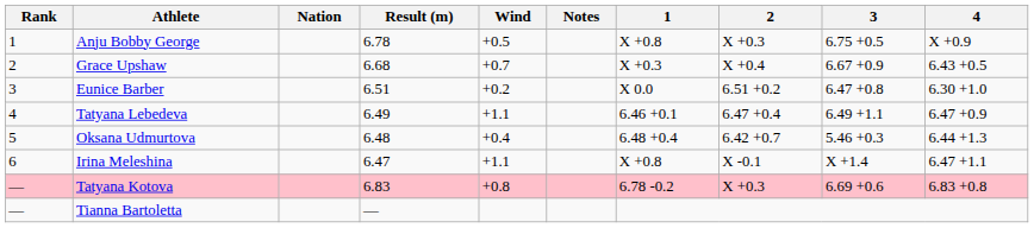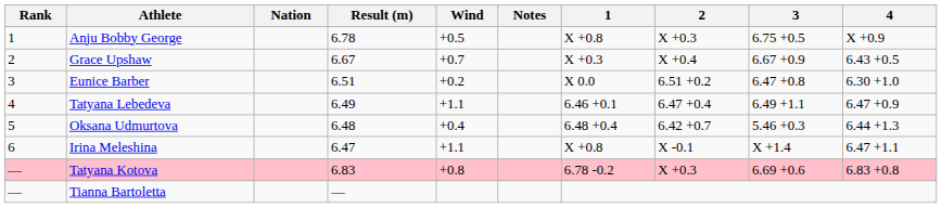 <table class="wikitable" style="text=align:center;" width=85%>
 <tr>
 <th>Rank</th>
 <th>Athlete</th>
 <th>Nation</th>
 <th>Result (m)</th>
 <th>Wind</th>
 <th>Notes</th>
 <th>1</th>
 <th>2</th>
 <th>3</th>
 <th>4</th>
 </tr>
 <tr>
 <td>1</td>
 <td><a href='#'>Anju Bobby George</a></td>
 <td></td>
 <td>6.78</td>
 <td>+0.5</td>
 <td></td>
 <td>X +0.8</td>
 <td>X +0.3</td>
 <td>6.75 +0.5</td>
 <td>X +0.9</td>
 </tr>
 <tr>
 <td>2</td>
 <td><a href='#'>Grace Upshaw</a></td>
 <td></td>
-<td>6.68</td>
+<td>6.67</td>
 <td>+0.7</td>
 <td></td>
 <td>X +0.3</td>
 <td>X +0.4</td>
 <td>6.67 +0.9</td>
 <td>6.43 +0.5</td>
 </tr>
 <tr>
 <td>3</td>
 <td><a href='#'>Eunice Barber</a></td>
 <td></td>
 <td>6.51</td>
 <td>+0.2</td>
 <td></td>
 <td>X 0.0</td>
 <td>6.51 +0.2</td>
 <td>6.47 +0.8</td>
 <td>6.30 +1.0</td>
 </tr>
 <tr>
 <td>4</td>
 <td><a href='#'>Tatyana Lebedeva</a></td>
 <td></td>
 <td>6.49</td>
 <td>+1.1</td>
 <td></td>
 <td>6.46 +0.1</td>
 <td>6.47 +0.4</td>
 <td>6.49 +1.1</td>
 <td>6.47 +0.9</td>
 </tr>
 <tr>
 <td>5</td>
 <td><a href='#'>Oksana Udmurtova</a></td>
 <td></td>
 <td>6.48</td>
 <td>+0.4</td>
 <td></td>
 <td>6.48 +0.4</td>
 <td>6.42 +0.7</td>
 <td>5.46 +0.3</td>
 <td>6.44 +1.3</td>
 </tr>
 <tr>
 <td>6</td>
 <td><a href='#'>Irina Meleshina</a></td>
 <td></td>
 <td>6.47</td>
 <td>+1.1</td>
 <td></td>
 <td>X +0.8</td>
 <td>X -0.1</td>
 <td>X +1.4</td>
 <td>6.47 +1.1</td>
 </tr>
 <tr bgcolor=pink>
 <td>—</td>
 <td><a href='#'>Tatyana Kotova</a></td>
 <td></td>
 <td>6.83</td>
 <td>+0.8</td>
 <td></td>
 <td>6.78 -0.2</td>
 <td>X +0.3</td>
 <td>6.69 +0.6</td>
 <td>6.83 +0.8</td>
 </tr>
 <tr>
 <td>—</td>
 <td><a href='#'>Tianna Bartoletta</a></td>
 <td></td>
 <td>—</td>
 <td></td>
 <td></td>
 </tr>
 </table>
